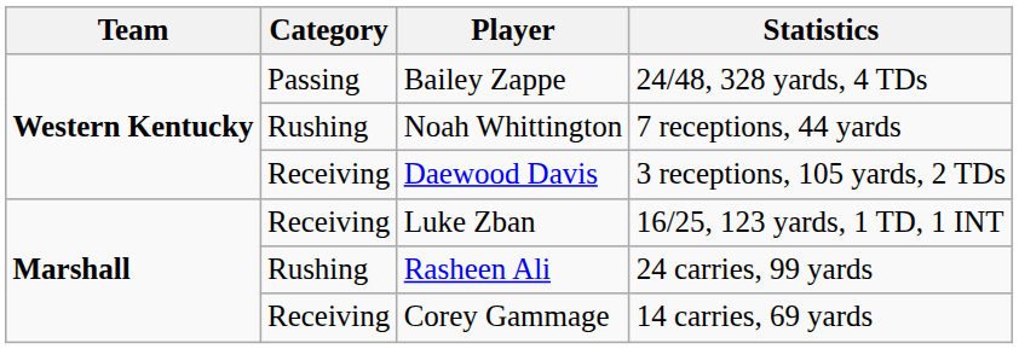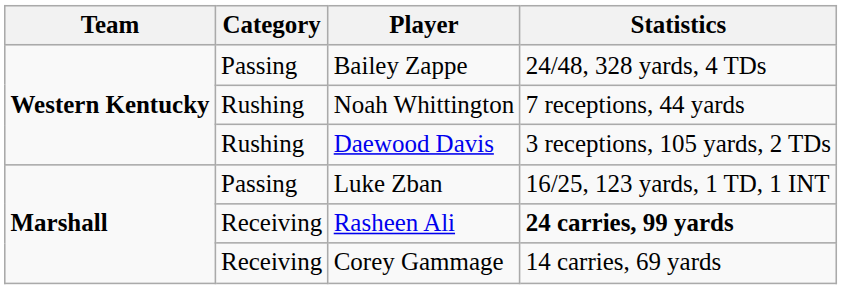 <table class="wikitable" style="float: left;">
 <tr>
 <th>Team</th>
 <th>Category</th>
 <th>Player</th>
 <th>Statistics</th>
 </tr>
 <tr>
 <td rowspan=3><strong>Western Kentucky</strong></td>
 <td>Passing</td>
 <td>Bailey Zappe</td>
 <td>24/48, 328 yards, 4 TDs</td>
 </tr>
 <tr>
 <td>Rushing</td>
 <td>Noah Whittington</td>
 <td>7 receptions, 44 yards</td>
 </tr>
 <tr>
-<td>Receiving</td>
+<td>Rushing</td>
 <td><a href='#'>Daewood Davis</a></td>
 <td>3 receptions, 105 yards, 2 TDs</td>
 </tr>
 <tr>
 <td rowspan=3><strong>Marshall</strong></td>
-<td>Receiving</td>
+<td>Passing</td>
 <td>Luke Zban</td>
 <td>16/25, 123 yards, 1 TD, 1 INT</td>
 </tr>
 <tr>
-<td>Rushing</td>
+<td>Receiving</td>
 <td><a href='#'>Rasheen Ali</a></td>
-<td>24 carries, 99 yards</td>
+<td><strong>24 carries, 99 yards</strong></td>
 </tr>
 <tr>
 <td>Receiving</td>
 <td>Corey Gammage</td>
 <td>14 carries, 69 yards</td>
 </tr>
 </table>
